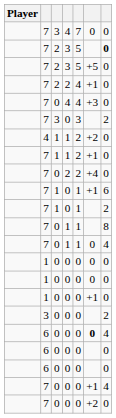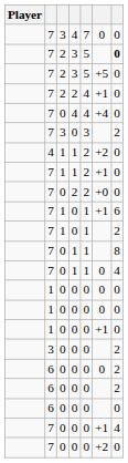 <table class="wikitable sortable" style="text-align:center;">
 <tr>
 <th>Player</th>
 <th></th>
 <th></th>
 <th></th>
 <th></th>
 <th data-sort-type="number"></th>
 <th></th>
 </tr>
 <tr>
 <td></td>
 <td>7</td>
 <td>3</td>
 <td>4</td>
 <td>7</td>
 <td>0</td>
 <td>0</td>
 </tr>
 <tr>
 <td></td>
 <td>7</td>
 <td>2</td>
 <td>3</td>
 <td>5</td>
 <td></td>
 <td><strong>0</strong></td>
 </tr>
 <tr>
 <td></td>
 <td>7</td>
 <td>2</td>
 <td>3</td>
 <td>5</td>
 <td>+5</td>
 <td>0</td>
 </tr>
 <tr>
 <td></td>
 <td>7</td>
 <td>2</td>
 <td>2</td>
 <td>4</td>
 <td>+1</td>
 <td>0</td>
 </tr>
 <tr>
 <td></td>
 <td>7</td>
 <td>0</td>
 <td>4</td>
 <td>4</td>
-<td>+3</td>
+<td>+4</td>
 <td>0</td>
 </tr>
 <tr>
 <td></td>
 <td>7</td>
 <td>3</td>
 <td>0</td>
 <td>3</td>
 <td></td>
 <td>2</td>
 </tr>
 <tr>
 <td></td>
 <td>4</td>
 <td>1</td>
 <td>1</td>
 <td>2</td>
 <td>+2</td>
 <td>0</td>
 </tr>
 <tr>
 <td></td>
 <td>7</td>
 <td>1</td>
 <td>1</td>
 <td>2</td>
 <td>+1</td>
 <td>0</td>
 </tr>
 <tr>
 <td></td>
 <td>7</td>
 <td>0</td>
 <td>2</td>
 <td>2</td>
-<td>+4</td>
+<td>+0</td>
 <td>0</td>
 </tr>
 <tr>
 <td></td>
 <td>7</td>
 <td>1</td>
 <td>0</td>
 <td>1</td>
 <td>+1</td>
 <td>6</td>
 </tr>
 <tr>
 <td></td>
 <td>7</td>
 <td>1</td>
 <td>0</td>
 <td>1</td>
 <td></td>
 <td>2</td>
 </tr>
 <tr>
 <td></td>
 <td>7</td>
 <td>0</td>
 <td>1</td>
 <td>1</td>
 <td></td>
 <td>8</td>
 </tr>
 <tr>
 <td></td>
 <td>7</td>
 <td>0</td>
 <td>1</td>
 <td>1</td>
 <td>0</td>
 <td>4</td>
 </tr>
 <tr>
 <td></td>
 <td>1</td>
 <td>0</td>
 <td>0</td>
 <td>0</td>
 <td>0</td>
 <td>0</td>
 </tr>
 <tr>
 <td></td>
 <td>1</td>
 <td>0</td>
 <td>0</td>
 <td>0</td>
 <td>0</td>
 <td>0</td>
 </tr>
 <tr>
 <td></td>
 <td>1</td>
 <td>0</td>
 <td>0</td>
 <td>0</td>
 <td>+1</td>
 <td>0</td>
 </tr>
 <tr>
 <td></td>
 <td>3</td>
 <td>0</td>
 <td>0</td>
 <td>0</td>
 <td></td>
 <td>2</td>
 </tr>
 <tr>
 <td></td>
 <td>6</td>
 <td>0</td>
 <td>0</td>
 <td>0</td>
-<td><strong>0</strong></td>
-<td>4</td>
+<td>0</td>
+<td>2</td>
 </tr>
 <tr>
 <td></td>
 <td>6</td>
 <td>0</td>
 <td>0</td>
 <td>0</td>
 <td></td>
-<td>0</td>
+<td>2</td>
 </tr>
 <tr>
 <td></td>
 <td>6</td>
 <td>0</td>
 <td>0</td>
 <td>0</td>
 <td></td>
 <td>0</td>
 </tr>
 <tr>
 <td></td>
 <td>7</td>
 <td>0</td>
 <td>0</td>
 <td>0</td>
 <td>+1</td>
 <td>4</td>
 </tr>
 <tr>
 <td></td>
 <td>7</td>
 <td>0</td>
 <td>0</td>
 <td>0</td>
 <td>+2</td>
 <td>0</td>
 </tr>
 </table>
